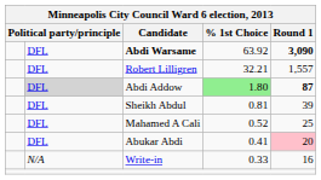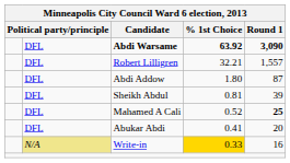 <table class="wikitable" style="font-size:95%">
 <tr>
 <th colspan="5">Minneapolis City Council Ward 6 election, 2013</th>
 </tr>
 <tr>
 <th colspan="2">Political party/principle</th>
 <th>Candidate</th>
 <th>% 1st Choice</th>
 <th>Round 1</th>
 </tr>
 <tr>
 <td style="background-color:"></td>
 <td><a href='#'>DFL</a></td>
 <td><strong>Abdi Warsame</strong></td>
-<td align="right">63.92</td>
+<td align="right"><strong>63.92</strong></td>
 <td align="right"><strong>3,090</strong></td>
 </tr>
 <tr>
 <td style="background-color:"></td>
 <td><a href='#'>DFL</a></td>
 <td><a href='#'>Robert Lilligren</a></td>
 <td align="right">32.21</td>
 <td align="right">1,557</td>
 </tr>
 <tr>
 <td style="background-color:"></td>
-<td style="background: lightgrey;"><a href='#'>DFL</a></td>
+<td><a href='#'>DFL</a></td>
 <td>Abdi Addow</td>
-<td align="right" style="background: lightgreen;">1.80</td>
-<td align="right"><strong>87</strong></td>
+<td align="right">1.80</td>
+<td align="right">87</td>
 </tr>
 <tr>
 <td style="background-color:"></td>
 <td><a href='#'>DFL</a></td>
 <td>Sheikh Abdul</td>
 <td align="right">0.81</td>
 <td align="right">39</td>
 </tr>
 <tr>
 <td style="background-color:"></td>
 <td><a href='#'>DFL</a></td>
 <td>Mahamed A Cali</td>
 <td align="right">0.52</td>
-<td align="right">25</td>
+<td align="right"><strong>25</strong></td>
 </tr>
 <tr>
 <td style="background-color:"></td>
 <td><a href='#'>DFL</a></td>
 <td>Abukar Abdi</td>
 <td align="right">0.41</td>
-<td align="right" style="background: pink;">20</td>
+<td align="right">20</td>
 </tr>
 <tr>
 <td style="background-color:"></td>
-<td><em>N/A</em></td>
+<td style="background: khaki;"><em>N/A</em></td>
 <td><a href='#'>Write-in</a></td>
-<td align="right">0.33</td>
+<td align="right" style="background: gold;">0.33</td>
 <td align="right">16</td>
 </tr>
 <tr>
 <td colspan="5"></td>
 </tr>
 </table>
